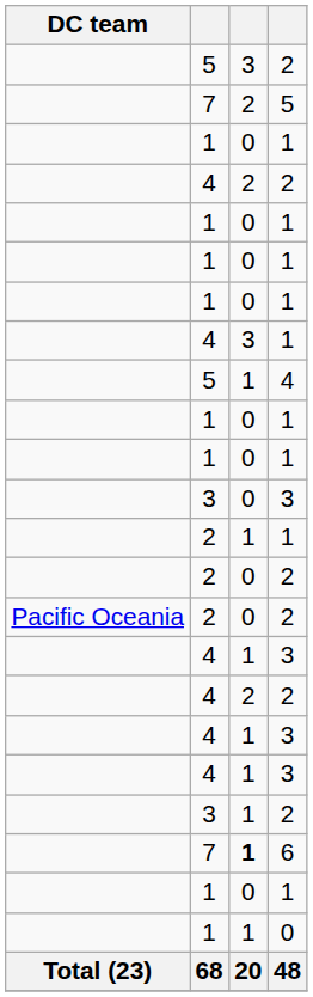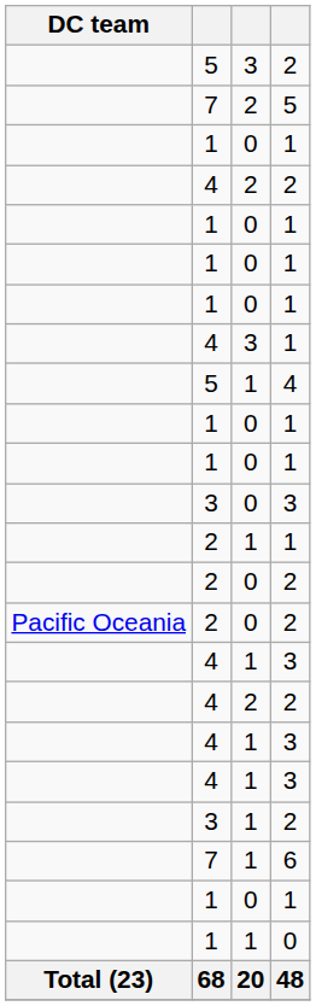 <table class="wikitable sortable" style="text-align:center">
 <tr>
 <th>DC team</th>
 <th><small></small></th>
 <th><small></small></th>
 <th><small></small></th>
 </tr>
 <tr>
 <td align="left"></td>
 <td>5</td>
 <td>3</td>
 <td>2</td>
 </tr>
 <tr>
 <td align="left"></td>
 <td>7</td>
 <td>2</td>
 <td>5</td>
 </tr>
 <tr>
 <td align="left"></td>
 <td>1</td>
 <td>0</td>
 <td>1</td>
 </tr>
 <tr>
 <td align="left"></td>
 <td>4</td>
 <td>2</td>
 <td>2</td>
 </tr>
 <tr>
 <td align="left"></td>
 <td>1</td>
 <td>0</td>
 <td>1</td>
 </tr>
 <tr>
 <td align="left"></td>
 <td>1</td>
 <td>0</td>
 <td>1</td>
 </tr>
 <tr>
 <td align="left"></td>
 <td>1</td>
 <td>0</td>
 <td>1</td>
 </tr>
 <tr>
 <td align="left"></td>
 <td>4</td>
 <td>3</td>
 <td>1</td>
 </tr>
 <tr>
 <td align="left"></td>
 <td>5</td>
 <td>1</td>
 <td>4</td>
 </tr>
 <tr>
 <td align="left"></td>
 <td>1</td>
 <td>0</td>
 <td>1</td>
 </tr>
 <tr>
 <td align="left"></td>
 <td>1</td>
 <td>0</td>
 <td>1</td>
 </tr>
 <tr>
 <td align="left"></td>
 <td>3</td>
 <td>0</td>
 <td>3</td>
 </tr>
 <tr>
 <td align="left"></td>
 <td>2</td>
 <td>1</td>
 <td>1</td>
 </tr>
 <tr>
 <td align="left"></td>
 <td>2</td>
 <td>0</td>
 <td>2</td>
 </tr>
 <tr>
 <td align="left"><a href='#'>Pacific Oceania</a></td>
 <td>2</td>
 <td>0</td>
 <td>2</td>
 </tr>
 <tr>
 <td align="left"></td>
 <td>4</td>
 <td>1</td>
 <td>3</td>
 </tr>
 <tr>
 <td align="left"></td>
 <td>4</td>
 <td>2</td>
 <td>2</td>
 </tr>
 <tr>
 <td align="left"></td>
 <td>4</td>
 <td>1</td>
 <td>3</td>
 </tr>
 <tr>
 <td align="left"></td>
 <td>4</td>
 <td>1</td>
 <td>3</td>
 </tr>
 <tr>
 <td align="left"></td>
 <td>3</td>
 <td>1</td>
 <td>2</td>
 </tr>
 <tr>
 <td align="left"></td>
 <td>7</td>
-<td><strong>1</strong></td>
+<td>1</td>
 <td>6</td>
 </tr>
 <tr>
 <td align="left"></td>
 <td>1</td>
 <td>0</td>
 <td>1</td>
 </tr>
 <tr>
 <td align="left"></td>
 <td>1</td>
 <td>1</td>
 <td>0</td>
 </tr>
 <tr>
 <th align="left">Total (23)</th>
 <th>68</th>
 <th>20</th>
 <th>48</th>
 </tr>
 <tr>
 </tr>
 </table>
